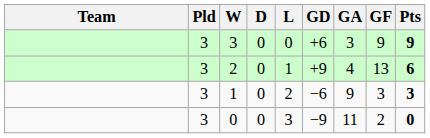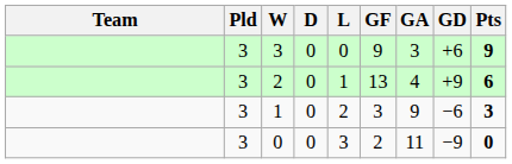 <table class="wikitable" style="text-align:center;">
 <tr>
 <th width=175>Team</th>
 <th width=20 abbr="Played">Pld</th>
 <th width=20 abbr="Won">W</th>
 <th width=20 abbr="Drawn">D</th>
 <th width=20 abbr="Lost">L</th>
+<th width=20 abbr="Goals for">GF</th>
+<th width=20 abbr="Goals against">GA</th>
 <th width=20 abbr="Goal difference">GD</th>
-<th width=20 abbr="Goals against">GA</th>
-<th width=20 abbr="Goals for">GF</th>
 <th width=20 abbr="Points">Pts</th>
 </tr>
 <tr bgcolor=ccffcc>
 <td align=left></td>
 <td>3</td>
 <td>3</td>
 <td>0</td>
 <td>0</td>
+<td>9</td>
+<td>3</td>
 <td>+6</td>
-<td>3</td>
-<td>9</td>
 <td><strong>9</strong></td>
 </tr>
 <tr bgcolor=ccffcc>
 <td align=left></td>
 <td>3</td>
 <td>2</td>
 <td>0</td>
 <td>1</td>
+<td>13</td>
+<td>4</td>
 <td>+9</td>
-<td>4</td>
-<td>13</td>
 <td><strong>6</strong></td>
 </tr>
 <tr bgcolor=>
 <td align=left></td>
 <td>3</td>
 <td>1</td>
 <td>0</td>
 <td>2</td>
+<td>3</td>
+<td>9</td>
 <td>−6</td>
-<td>9</td>
-<td>3</td>
 <td><strong>3</strong></td>
 </tr>
 <tr bgcolor=>
 <td align=left></td>
 <td>3</td>
 <td>0</td>
 <td>0</td>
 <td>3</td>
+<td>2</td>
+<td>11</td>
 <td>−9</td>
-<td>11</td>
-<td>2</td>
 <td><strong>0</strong></td>
 </tr>
 </table>
